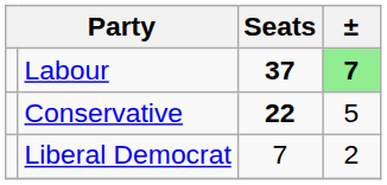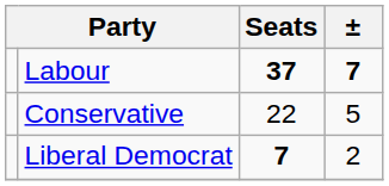 <table class="sortable wikitable">
 <tr>
 <th colspan="2">Party</th>
 <th>Seats</th>
 <th>  ±  </th>
 </tr>
 <tr>
 <td style="background-color: "></td>
 <td><a href='#'>Labour</a></td>
 <td align="center"><strong>37</strong></td>
-<td align="center" style="background: lightgreen;"><strong>7</strong></td>
+<td align="center"><strong>7</strong></td>
 </tr>
 <tr>
 <td style="background-color: "></td>
 <td><a href='#'>Conservative</a></td>
-<td align="center"><strong>22</strong></td>
+<td align="center">22</td>
 <td align="center">5</td>
 </tr>
 <tr>
 <td style="background-color: "></td>
 <td><a href='#'>Liberal Democrat</a></td>
-<td align="center">7</td>
+<td align="center"><strong>7</strong></td>
 <td align="center">2</td>
 </tr>
 <tr>
 </tr>
 </table>
